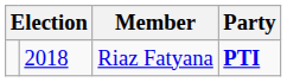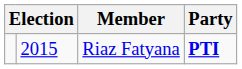 <table class="wikitable">
 <tr>
 <th colspan="2">Election</th>
 <th>Member</th>
 <th>Party</th>
 </tr>
 <tr>
 <td style="background-color: "></td>
-<td><a href='#'>2018</a></td>
+<td><a href='#'>2015</a></td>
 <td><a href='#'>Riaz Fatyana</a></td>
 <td><strong><a href='#'>PTI</a></strong></td>
 </tr>
 </table>
